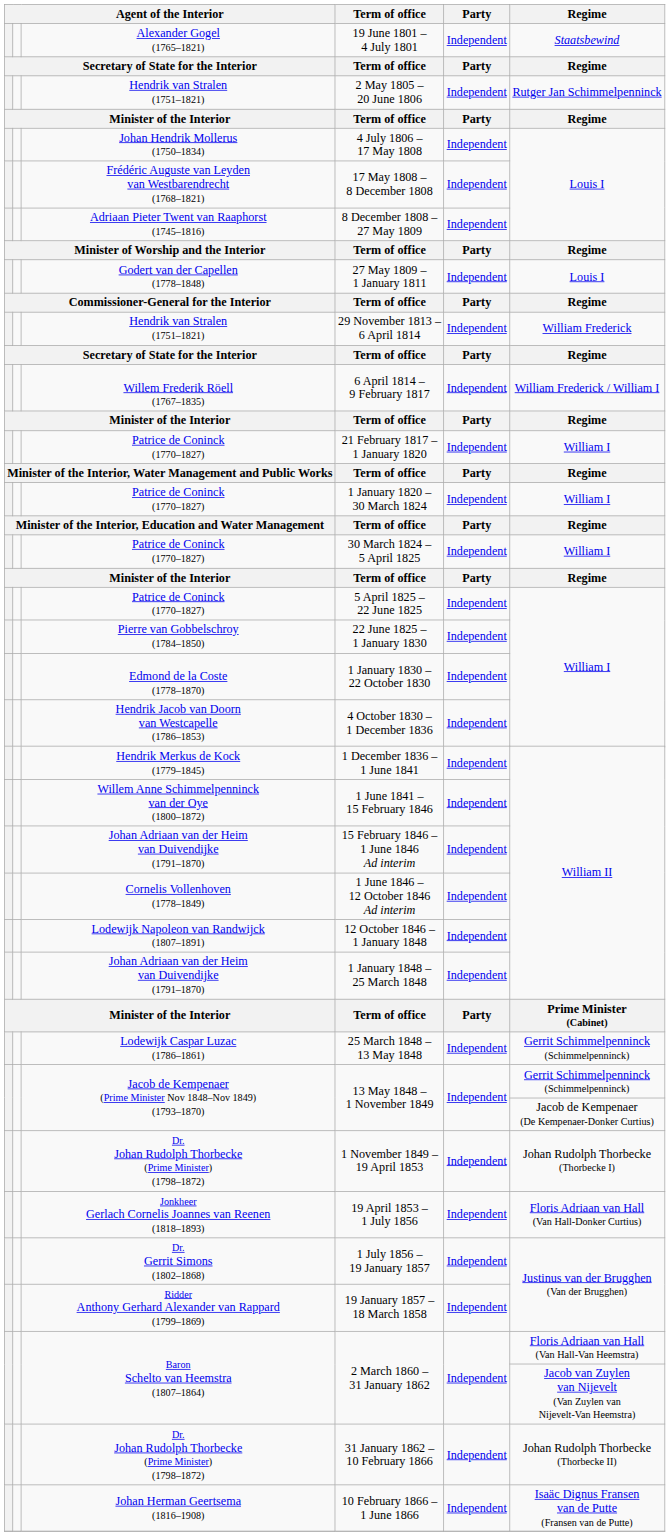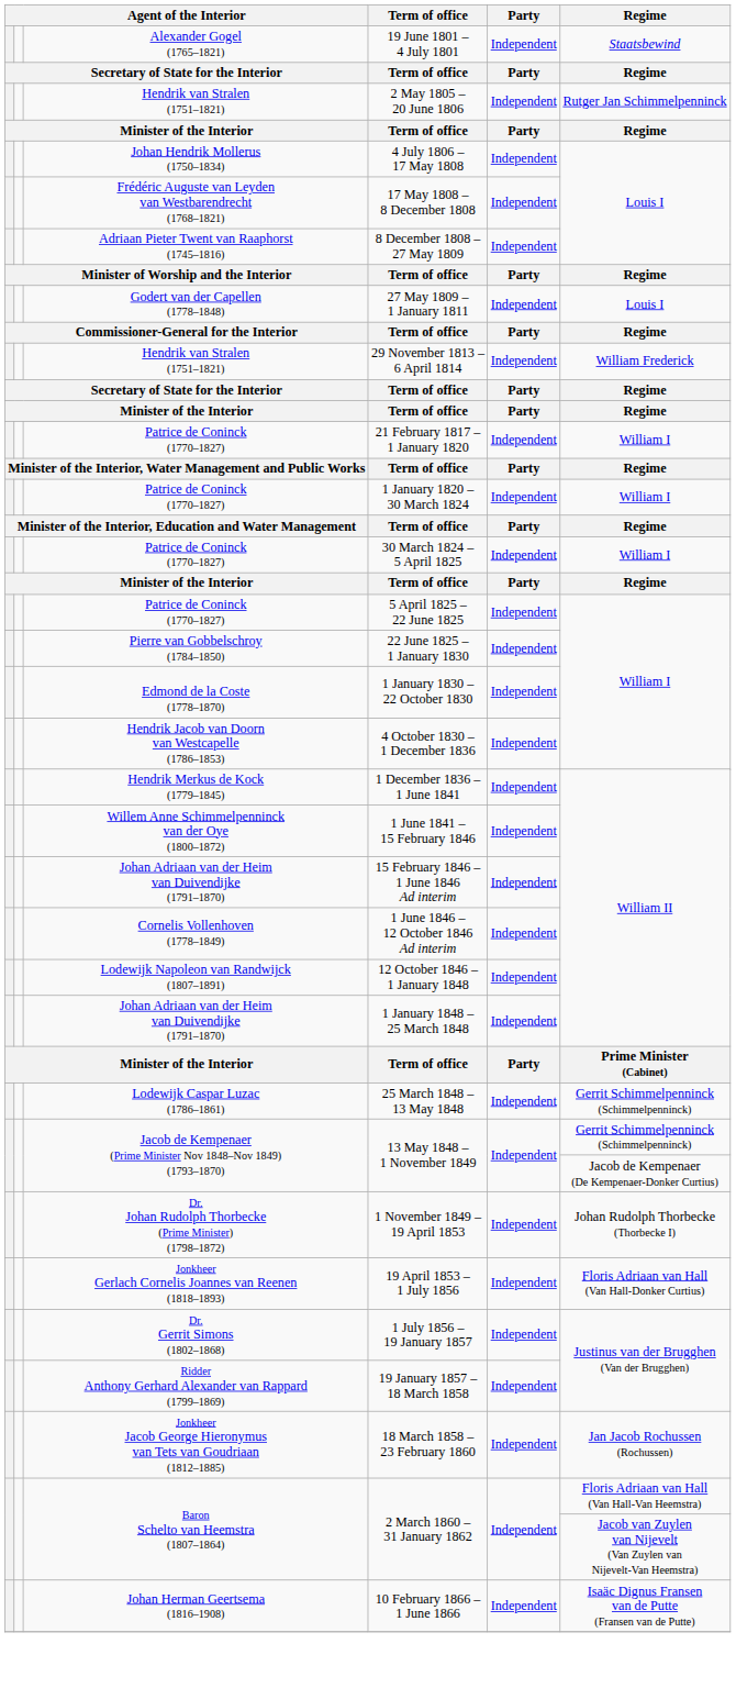 <table class="wikitable" style="text-align:center">
 <tr>
 <th colspan=3>Agent of the Interior</th>
 <th>Term of office</th>
 <th>Party</th>
 <th>Regime</th>
 </tr>
 <tr>
 <th style="background:"></th>
 <td></td>
 <td><a href='#'>Alexander Gogel</a> <br> <small>(1765–1821)</small></td>
 <td>19 June 1801 – <br> 4 July 1801</td>
 <td><a href='#'>Independent</a></td>
 <td><em><a href='#'>Staatsbewind</a></em></td>
 </tr>
 <tr>
 <th colspan=3>Secretary of State for the Interior</th>
 <th>Term of office</th>
 <th>Party</th>
 <th>Regime</th>
 </tr>
 <tr>
 <th style="background:"></th>
 <td></td>
 <td><a href='#'>Hendrik van Stralen</a> <br> <small>(1751–1821)</small></td>
 <td>2 May 1805 – <br> 20 June 1806</td>
 <td><a href='#'>Independent</a></td>
 <td><a href='#'>Rutger Jan Schimmelpenninck</a></td>
 </tr>
 <tr>
 <th colspan=3>Minister of the Interior</th>
 <th>Term of office</th>
 <th>Party</th>
 <th>Regime</th>
 </tr>
 <tr>
 <th style="background:"></th>
 <td></td>
 <td><a href='#'>Johan Hendrik Mollerus</a> <br> <small>(1750–1834)</small></td>
 <td>4 July 1806 – <br> 17 May 1808</td>
 <td><a href='#'>Independent</a></td>
 <td rowspan=3><a href='#'>Louis I</a></td>
 </tr>
 <tr>
 <th style="background:"></th>
 <td></td>
 <td><a href='#'>Frédéric Auguste van Leyden <br> van Westbarendrecht</a> <br> <small>(1768–1821)</small></td>
 <td>17 May 1808 – <br> 8 December 1808</td>
 <td><a href='#'>Independent</a></td>
 </tr>
 <tr>
 <th style="background:"></th>
 <td></td>
 <td><a href='#'>Adriaan Pieter Twent van Raaphorst</a> <br> <small>(1745–1816)</small></td>
 <td>8 December 1808 – <br> 27 May 1809</td>
 <td><a href='#'>Independent</a></td>
 </tr>
 <tr>
 <th colspan=3>Minister of Worship and the Interior</th>
 <th>Term of office</th>
 <th>Party</th>
 <th>Regime</th>
 </tr>
 <tr>
 <th style="background:"></th>
 <td></td>
 <td><a href='#'>Godert van der Capellen</a> <br> <small>(1778–1848)</small></td>
 <td>27 May 1809 – <br> 1 January 1811</td>
 <td><a href='#'>Independent</a></td>
 <td><a href='#'>Louis I</a></td>
 </tr>
 <tr>
 <th colspan=3>Commissioner-General for the Interior</th>
 <th>Term of office</th>
 <th>Party</th>
 <th>Regime</th>
 </tr>
 <tr>
 <th style="background:"></th>
 <td></td>
 <td><a href='#'>Hendrik van Stralen</a> <br> <small>(1751–1821)</small></td>
 <td>29 November 1813 – <br> 6 April 1814</td>
 <td><a href='#'>Independent</a></td>
 <td><a href='#'>William Frederick</a></td>
 </tr>
 <tr>
 <th colspan=3>Secretary of State for the Interior</th>
 <th>Term of office</th>
 <th>Party</th>
 <th>Regime</th>
-</tr>
-<tr>
-<th style="background:"></th>
-<td></td>
-<td> <br> <a href='#'>Willem Frederik Röell</a> <br> <small>(1767–1835)</small></td>
-<td>6 April 1814 – <br> 9 February 1817</td>
-<td><a href='#'>Independent</a></td>
-<td><a href='#'>William Frederick / William I</a></td>
 </tr>
 <tr>
 <th colspan=3>Minister of the Interior</th>
 <th>Term of office</th>
 <th>Party</th>
 <th>Regime</th>
 </tr>
 <tr>
 <th style="background:"></th>
 <td></td>
 <td><a href='#'>Patrice de Coninck</a> <br> <small>(1770–1827)</small></td>
 <td>21 February 1817 – <br> 1 January 1820</td>
 <td><a href='#'>Independent</a></td>
 <td><a href='#'>William I</a></td>
 </tr>
 <tr>
 <th colspan=3>Minister of the Interior, Water Management and Public Works</th>
 <th>Term of office</th>
 <th>Party</th>
 <th>Regime</th>
 </tr>
 <tr>
 <th style="background:"></th>
 <td></td>
 <td><a href='#'>Patrice de Coninck</a> <br> <small>(1770–1827)</small></td>
 <td>1 January 1820 – <br> 30 March 1824</td>
 <td><a href='#'>Independent</a></td>
 <td><a href='#'>William I</a></td>
 </tr>
 <tr>
 <th colspan=3>Minister of the Interior, Education and Water Management</th>
 <th>Term of office</th>
 <th>Party</th>
 <th>Regime</th>
 </tr>
 <tr>
 <th style="background:"></th>
 <td></td>
 <td><a href='#'>Patrice de Coninck</a> <br> <small>(1770–1827)</small></td>
 <td>30 March 1824 – <br> 5 April 1825</td>
 <td><a href='#'>Independent</a></td>
 <td><a href='#'>William I</a></td>
 </tr>
 <tr>
 <th colspan=3>Minister of the Interior</th>
 <th>Term of office</th>
 <th>Party</th>
 <th>Regime</th>
 </tr>
 <tr>
 <th style="background:"></th>
 <td></td>
 <td><a href='#'>Patrice de Coninck</a> <br> <small>(1770–1827)</small></td>
 <td>5 April 1825 – <br> 22 June 1825</td>
 <td><a href='#'>Independent</a></td>
 <td rowspan=5><a href='#'>William I</a></td>
 </tr>
 <tr>
 <th style="background:"></th>
 <td></td>
 <td><a href='#'>Pierre van Gobbelschroy</a> <br> <small>(1784–1850)</small></td>
 <td>22 June 1825 – <br> 1 January 1830</td>
 <td><a href='#'>Independent</a></td>
 </tr>
 <tr>
 <th style="background:"></th>
 <td></td>
 <td> <br> <a href='#'>Edmond de la Coste</a> <br> <small>(1778–1870)</small></td>
 <td>1 January 1830 – <br> 22 October 1830</td>
 <td><a href='#'>Independent</a></td>
 </tr>
 <tr>
 <th style="background:"></th>
 <td></td>
 <td><a href='#'>Hendrik Jacob van Doorn <br> van Westcapelle</a> <br> <small>(1786–1853)</small></td>
 <td>4 October 1830 – <br> 1 December 1836</td>
 <td><a href='#'>Independent</a></td>
 </tr>
 <tr>
 <th rowspan=2 style="background:"></th>
 <td rowspan=2></td>
 <td rowspan=2><a href='#'>Hendrik Merkus de Kock</a> <br> <small>(1779–1845)</small></td>
 <td rowspan=2>1 December 1836 – <br> 1 June 1841</td>
 <td rowspan=2><a href='#'>Independent</a></td>
 </tr>
 <tr>
 <td rowspan=6><a href='#'>William II</a></td>
 </tr>
 <tr>
 <th style="background:"></th>
 <td></td>
 <td><a href='#'>Willem Anne Schimmelpenninck <br> van der Oye</a> <br> <small>(1800–1872)</small></td>
 <td>1 June 1841 – <br> 15 February 1846</td>
 <td><a href='#'>Independent</a></td>
 </tr>
 <tr>
 <th style="background:"></th>
 <td></td>
 <td><a href='#'>Johan Adriaan van der Heim <br> van Duivendijke</a> <br> <small>(1791–1870)</small></td>
 <td>15 February 1846 – <br> 1 June 1846 <br> <em>Ad interim</em></td>
 <td><a href='#'>Independent</a></td>
 </tr>
 <tr>
 <th style="background:"></th>
 <td></td>
 <td><a href='#'>Cornelis Vollenhoven</a> <br> <small>(1778–1849)</small></td>
 <td>1 June 1846 – <br> 12 October 1846 <br> <em>Ad interim</em></td>
 <td><a href='#'>Independent</a></td>
 </tr>
 <tr>
 <th style="background:"></th>
 <td></td>
 <td><a href='#'>Lodewijk Napoleon van Randwijck</a> <br> <small>(1807–1891)</small></td>
 <td>12 October 1846 – <br> 1 January 1848</td>
 <td><a href='#'>Independent</a></td>
 </tr>
 <tr>
 <th style="background:"></th>
 <td></td>
 <td><a href='#'>Johan Adriaan van der Heim <br> van Duivendijke</a> <br> <small>(1791–1870)</small></td>
 <td>1 January 1848 – <br> 25 March 1848</td>
 <td><a href='#'>Independent</a></td>
 </tr>
 <tr>
 <th colspan=3>Minister of the Interior</th>
 <th>Term of office</th>
 <th>Party</th>
 <th>Prime Minister <br> <small>(Cabinet)</small></th>
 </tr>
 <tr>
 <th style="background:"></th>
 <td></td>
 <td><a href='#'>Lodewijk Caspar Luzac</a> <br> <small>(1786–1861)</small></td>
 <td>25 March 1848 – <br> 13 May 1848 <br> </td>
 <td><a href='#'>Independent</a></td>
 <td><a href='#'>Gerrit Schimmelpenninck</a> <br> <small>(Schimmelpenninck)</small></td>
 </tr>
 <tr>
 <th rowspan=2 style="background:"></th>
 <td rowspan=2></td>
 <td rowspan=2><a href='#'>Jacob de Kempenaer</a> <br> <small>(<a href='#'>Prime Minister</a> Nov 1848–Nov 1849) <br> (1793–1870)</small></td>
 <td rowspan=2>13 May 1848 – <br> 1 November 1849</td>
 <td rowspan=2><a href='#'>Independent</a></td>
 <td><a href='#'>Gerrit Schimmelpenninck</a> <br> <small>(Schimmelpenninck)</small></td>
 </tr>
 <tr>
 <td>Jacob de Kempenaer <br> <small>(De Kempenaer-Donker Curtius)</small></td>
 </tr>
 <tr>
 <th style="background:"></th>
 <td></td>
 <td><small><a href='#'>Dr.</a></small> <br> <a href='#'>Johan Rudolph Thorbecke</a> <br> <small>(<a href='#'>Prime Minister</a>) <br> (1798–1872)</small></td>
 <td>1 November 1849 – <br> 19 April 1853</td>
 <td><a href='#'>Independent</a></td>
 <td>Johan Rudolph Thorbecke <br> <small>(Thorbecke I)</small></td>
 </tr>
 <tr>
 <th style="background:"></th>
 <td></td>
 <td><small><a href='#'>Jonkheer</a></small> <br> <a href='#'>Gerlach Cornelis Joannes van Reenen</a> <br> <small>(1818–1893)</small></td>
 <td>19 April 1853 – <br> 1 July 1856</td>
 <td><a href='#'>Independent</a></td>
 <td><a href='#'>Floris Adriaan van Hall</a> <br> <small>(Van Hall-Donker Curtius)</small></td>
 </tr>
 <tr>
 <th style="background:"></th>
 <td></td>
 <td><small><a href='#'>Dr.</a></small> <br> <a href='#'>Gerrit Simons</a> <br> <small>(1802–1868)</small></td>
 <td>1 July 1856 – <br> 19 January 1857 <br> </td>
 <td><a href='#'>Independent</a></td>
 <td rowspan=2><a href='#'>Justinus van der Brugghen</a> <br> <small>(Van der Brugghen)</small></td>
 </tr>
 <tr>
 <th style="background:"></th>
 <td></td>
 <td><small><a href='#'>Ridder</a></small> <br> <a href='#'>Anthony Gerhard Alexander van Rappard</a> <br> <small>(1799–1869)</small></td>
 <td>19 January 1857 – <br> 18 March 1858</td>
 <td><a href='#'>Independent</a></td>
 </tr>
 <tr>
+<th style="background:"></th>
+<td></td>
+<td><small><a href='#'>Jonkheer</a></small> <br> <a href='#'>Jacob George Hieronymus <br> van Tets van Goudriaan</a> <br> <small>(1812–1885)</small></td>
+<td>18 March 1858 – <br> 23 February 1860</td>
+<td><a href='#'>Independent</a></td>
+<td><a href='#'>Jan Jacob Rochussen</a> <br> <small>(Rochussen)</small></td>
+</tr>
+<tr>
 <th rowspan=2 style="background:"></th>
 <td rowspan=2></td>
 <td rowspan=2><small><a href='#'>Baron</a></small> <br> <a href='#'>Schelto van Heemstra</a> <br> <small>(1807–1864)</small></td>
 <td rowspan=2>2 March 1860 – <br> 31 January 1862</td>
 <td rowspan=2><a href='#'>Independent</a></td>
 <td><a href='#'>Floris Adriaan van Hall</a> <br> <small>(Van Hall-Van Heemstra)</small></td>
 </tr>
 <tr>
 <td><a href='#'>Jacob van Zuylen <br> van Nijevelt</a> <br> <small>(Van Zuylen van <br> Nijevelt-Van Heemstra)</small></td>
 </tr>
 <tr>
 <th style="background:"></th>
 <td></td>
-<td><small><a href='#'>Dr.</a></small> <br> <a href='#'>Johan Rudolph Thorbecke</a> <br> <small>(<a href='#'>Prime Minister</a>) <br> (1798–1872)</small></td>
-<td>31 January 1862 – <br> 10 February 1866</td>
-<td><a href='#'>Independent</a></td>
-<td>Johan Rudolph Thorbecke <br> <small>(Thorbecke II)</small></td>
-</tr>
-<tr>
-<th style="background:"></th>
-<td></td>
 <td><a href='#'>Johan Herman Geertsema</a> <br> <small>(1816–1908)</small></td>
 <td>10 February 1866 – <br> 1 June 1866</td>
 <td><a href='#'>Independent</a></td>
 <td><a href='#'>Isaäc Dignus Fransen <br> van de Putte</a> <br> <small>(Fransen van de Putte)</small></td>
 </tr>
 <tr>
 </tr>
 </table>
